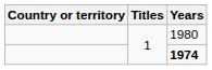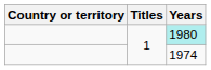 <table class="wikitable" style="font-size:95%;">
 <tr>
 <th>Country or territory</th>
 <th>Titles</th>
 <th>Years</th>
 </tr>
 <tr>
 <td></td>
 <td rowspan="2" style="text-align:center;">1</td>
-<td>1980</td>
+<td style="background: paleturquoise;">1980</td>
 </tr>
 <tr>
 <td></td>
-<td><strong>1974</strong></td>
+<td>1974</td>
 </tr>
 </table>
